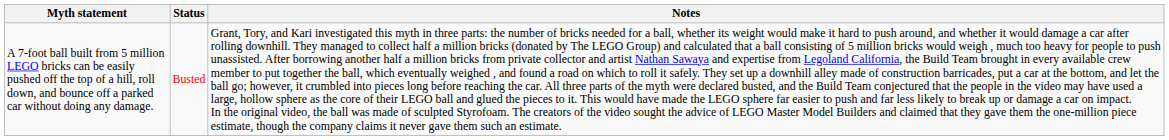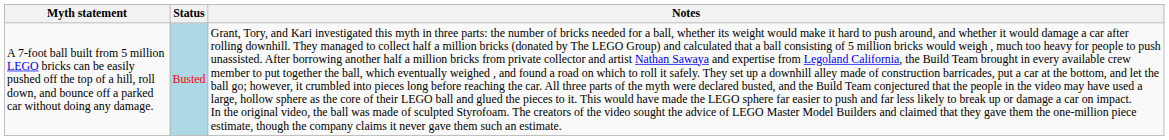 <table class="wikitable plainrowheaders">
 <tr>
 <th>Myth statement</th>
 <th>Status</th>
 <th>Notes</th>
 </tr>
 <tr>
 <td>A 7-foot ball built from 5 million <a href='#'>LEGO</a> bricks can be easily pushed off the top of a hill, roll down, and bounce off a parked car without doing any damage.</td>
-<td style="color:red">Busted</td>
+<td style="background: lightblue; color:red">Busted</td>
 <td>Grant, Tory, and Kari investigated this myth in three parts: the number of bricks needed for a  ball, whether its weight would make it hard to push around, and whether it would damage a car after rolling downhill. They managed to collect half a million bricks (donated by The LEGO Group) and calculated that a ball consisting of 5 million bricks would weigh , much too heavy for people to push unassisted. After borrowing another half a million bricks from private collector and artist <a href='#'>Nathan Sawaya</a> and expertise from <a href='#'>Legoland California</a>, the Build Team brought in every available crew member to put together the ball, which eventually weighed , and found a road on which to roll it safely. They set up a downhill alley made of construction barricades, put a car at the bottom, and let the ball go; however, it crumbled into pieces long before reaching the car. All three parts of the myth were declared busted, and the Build Team conjectured that the people in the video may have used a large, hollow sphere as the core of their LEGO ball and glued the pieces to it.  This would have made the LEGO sphere far easier to push and far less likely to break up or damage a car on impact.<br>In the original video, the ball was made of sculpted Styrofoam. The creators of the video sought the advice of LEGO Master Model Builders and claimed that they gave them the one-million piece estimate, though the company claims it never gave them such an estimate.</td>
 </tr>
 </table>
